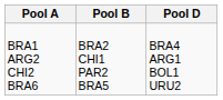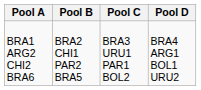 <table class="wikitable">
 <tr>
 <th width=20%>Pool A</th>
 <th width=20%>Pool B</th>
+<th width=20%>Pool C</th>
 <th width=20%>Pool D</th>
 </tr>
 <tr>
 <td><br> BRA1<br>  ARG2<br>  CHI2<br>  BRA6</td>
 <td><br> BRA2<br>  CHI1<br>  PAR2<br>  BRA5</td>
+<td><br> BRA3<br>  URU1<br>  PAR1<br>  BOL2</td>
 <td><br> BRA4<br>  ARG1<br>  BOL1<br>  URU2</td>
 </tr>
 </table>
